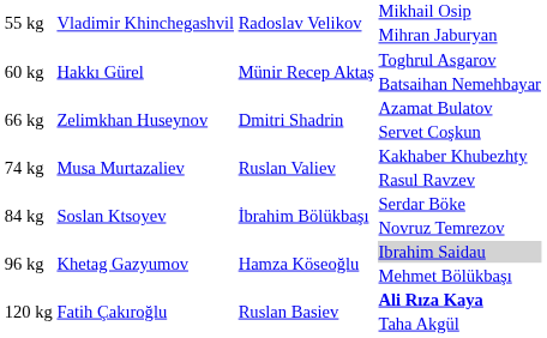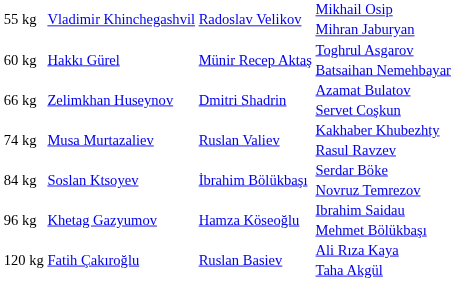 <table>
 <tr>
 <td rowspan=2>55 kg</td>
 <td rowspan=2> <a href='#'>Vladimir Khinchegashvil</a></td>
 <td rowspan=2> <a href='#'>Radoslav Velikov</a></td>
 <td> <a href='#'>Mikhail Osip</a></td>
 </tr>
 <tr>
 <td> <a href='#'>Mihran Jaburyan</a></td>
 </tr>
 <tr>
 <td rowspan=2>60 kg</td>
 <td rowspan=2> <a href='#'>Hakkı Gürel</a></td>
 <td rowspan=2> <a href='#'>Münir Recep Aktaş</a></td>
 <td> <a href='#'>Toghrul Asgarov</a></td>
 </tr>
 <tr>
 <td> <a href='#'>Batsaihan Nemehbayar</a></td>
 </tr>
 <tr>
 <td rowspan=2>66 kg</td>
 <td rowspan=2> <a href='#'>Zelimkhan Huseynov</a></td>
 <td rowspan=2> <a href='#'>Dmitri Shadrin</a></td>
 <td> <a href='#'>Azamat Bulatov</a></td>
 </tr>
 <tr>
 <td> <a href='#'>Servet Coşkun</a></td>
 </tr>
 <tr>
 <td rowspan=2>74 kg</td>
 <td rowspan=2> <a href='#'>Musa Murtazaliev</a></td>
 <td rowspan=2> <a href='#'>Ruslan Valiev</a></td>
 <td> <a href='#'>Kakhaber Khubezhty</a></td>
 </tr>
 <tr>
 <td> <a href='#'>Rasul Ravzev</a></td>
 </tr>
 <tr>
 <td rowspan=2>84 kg</td>
 <td rowspan=2> <a href='#'>Soslan Ktsoyev</a></td>
 <td rowspan=2> <a href='#'>İbrahim Bölükbaşı</a></td>
 <td> <a href='#'>Serdar Böke</a></td>
 </tr>
 <tr>
 <td> <a href='#'>Novruz Temrezov</a></td>
 </tr>
 <tr>
 <td rowspan=2>96 kg</td>
 <td rowspan=2> <a href='#'>Khetag Gazyumov</a></td>
 <td rowspan=2> <a href='#'>Hamza Köseoğlu</a></td>
-<td style="background: lightgrey;"> <a href='#'>Ibrahim Saidau</a></td>
+<td> <a href='#'>Ibrahim Saidau</a></td>
 </tr>
 <tr>
 <td> <a href='#'>Mehmet Bölükbaşı</a></td>
 </tr>
 <tr>
 <td rowspan=2>120 kg</td>
 <td rowspan=2> <a href='#'>Fatih Çakıroğlu</a></td>
 <td rowspan=2> <a href='#'>Ruslan Basiev</a></td>
-<td><strong> <a href='#'>Ali Rıza Kaya</a></strong></td>
+<td> <a href='#'>Ali Rıza Kaya</a></td>
 </tr>
 <tr>
 <td> <a href='#'>Taha Akgül</a></td>
 </tr>
 <tr>
 </tr>
 </table>
